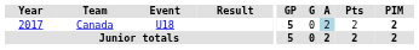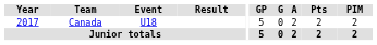 <table border="0" cellpadding="1" cellspacing="0" ID="Table3" style="text-align:center; width:40em">
 <tr ALIGN="center" bgcolor="#e0e0e0">
 <th>Year</th>
 <th>Team</th>
 <th>Event</th>
 <th>Result</th>
 <th rowspan="99" bgcolor="#ffffff"></th>
 <th>GP</th>
 <th>G</th>
 <th>A</th>
 <th>Pts</th>
 <th>PIM</th>
 </tr>
 <tr>
 <td><a href='#'>2017</a></td>
 <td><a href='#'>Canada</a></td>
 <td><a href='#'>U18</a></td>
 <td></td>
-<td><strong>5</strong></td>
+<td>5</td>
 <td>0</td>
-<td style="background: lightblue;">2</td>
 <td>2</td>
-<td><strong>2</strong></td>
+<td>2</td>
+<td>2</td>
 </tr>
 <tr bgcolor="#e0e0e0">
 <th colspan="4">Junior totals</th>
 <th>5</th>
 <th>0</th>
 <th>2</th>
 <th>2</th>
 <th>2</th>
 </tr>
 </table>
